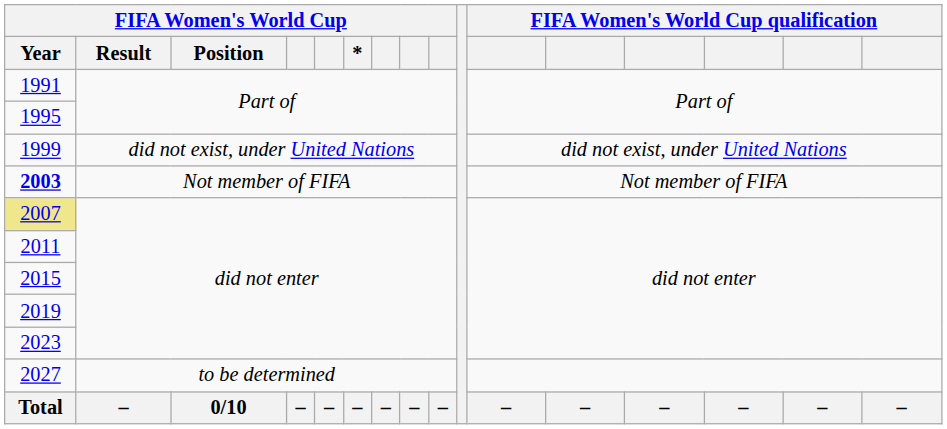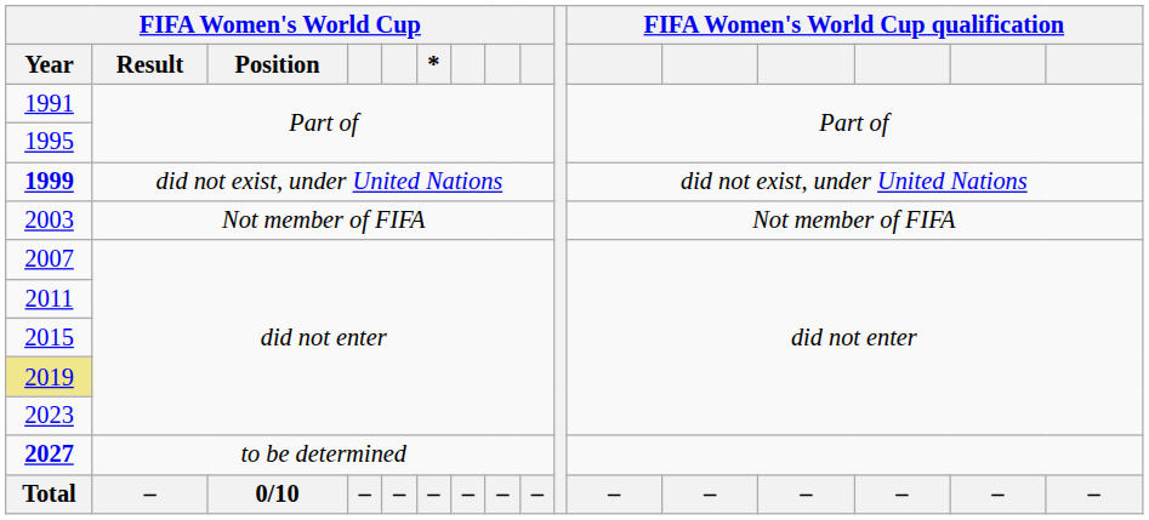 <table class="wikitable" style="text-align: center;">
 <tr>
 <th colspan=9><a href='#'>FIFA Women's World Cup</a></th>
 <th width=1% rowspan=39></th>
 <th colspan=6><a href='#'>FIFA Women's World Cup qualification</a></th>
 </tr>
 <tr>
 <th>Year</th>
 <th>Result</th>
 <th>Position</th>
 <th></th>
 <th></th>
 <th>*</th>
 <th></th>
 <th></th>
 <th></th>
 <th></th>
 <th></th>
 <th></th>
 <th></th>
 <th></th>
 <th></th>
 </tr>
 <tr>
 <td> <a href='#'>1991</a></td>
 <td rowspan=2 colspan=8><em>Part of </em></td>
 <td rowspan=2 colspan=6><em>Part of </em></td>
 </tr>
 <tr>
 <td> <a href='#'>1995</a></td>
 </tr>
 <tr>
-<td> <a href='#'>1999</a></td>
+<td><strong> <a href='#'>1999</a></strong></td>
 <td colspan=9><em>did not exist, under <a href='#'>United Nations</a></em></td>
 <td colspan="6"><em>did not exist, under <a href='#'>United Nations</a></em></td>
 </tr>
 <tr>
-<td><strong> <a href='#'>2003</a></strong></td>
+<td> <a href='#'>2003</a></td>
 <td colspan=8><em>Not member of FIFA</em></td>
 <td colspan=6><em>Not member of FIFA</em></td>
 </tr>
 <tr>
-<td style="background: khaki;"> <a href='#'>2007</a></td>
+<td> <a href='#'>2007</a></td>
 <td colspan=8 rowspan=5><em>did not enter</em></td>
 <td colspan=6 rowspan=5><em>did not enter</em></td>
 </tr>
 <tr>
 <td> <a href='#'>2011</a></td>
 </tr>
 <tr>
 <td> <a href='#'>2015</a></td>
 </tr>
 <tr>
-<td> <a href='#'>2019</a></td>
+<td style="background: khaki;"> <a href='#'>2019</a></td>
 </tr>
 <tr>
 <td>  <a href='#'>2023</a></td>
 </tr>
 <tr>
-<td> <a href='#'>2027</a></td>
+<td><strong> <a href='#'>2027</a></strong></td>
 <td colspan=8><em>to be determined</em></td>
 </tr>
 <tr>
 <th>Total</th>
 <th>–</th>
 <th>0/10</th>
 <th>–</th>
 <th>–</th>
 <th>–</th>
 <th>–</th>
 <th>–</th>
 <th>–</th>
 <th>–</th>
 <th>–</th>
 <th>–</th>
 <th>–</th>
 <th>–</th>
 <th>–</th>
 </tr>
 </table>
